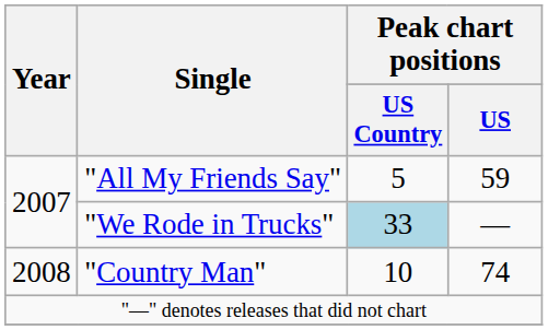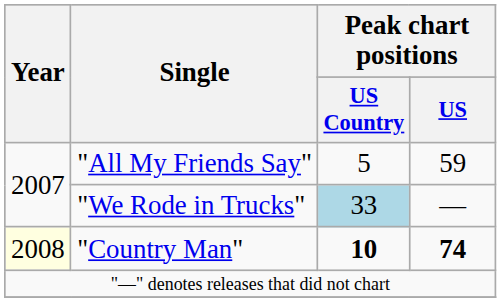 <table class="wikitable" style="text-align:center;">
 <tr>
 <th rowspan="2">Year</th>
 <th rowspan="2">Single</th>
 <th colspan="2">Peak chart<br>positions</th>
 </tr>
 <tr style="font-size:smaller;">
 <th width="45"><a href='#'>US Country</a><br></th>
 <th width="45"><a href='#'>US</a><br></th>
 </tr>
 <tr>
 <td rowspan="2">2007</td>
 <td align="left">"<a href='#'>All My Friends Say</a>"</td>
 <td>5</td>
 <td>59</td>
 </tr>
 <tr>
 <td align="left">"<a href='#'>We Rode in Trucks</a>"</td>
 <td style="background: lightblue;">33</td>
 <td>—</td>
 </tr>
 <tr>
-<td>2008</td>
+<td style="background: lightyellow;">2008</td>
 <td align="left">"<a href='#'>Country Man</a>"</td>
-<td>10</td>
-<td>74</td>
+<td><strong>10</strong></td>
+<td><strong>74</strong></td>
 </tr>
 <tr>
 <td colspan="4" style="font-size:8pt">"—" denotes releases that did not chart</td>
 </tr>
 <tr>
 </tr>
 </table>
